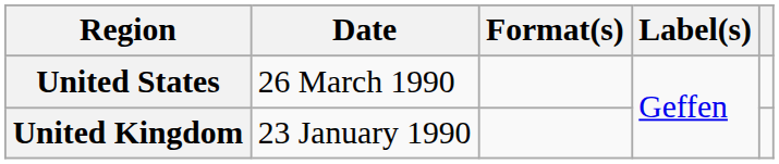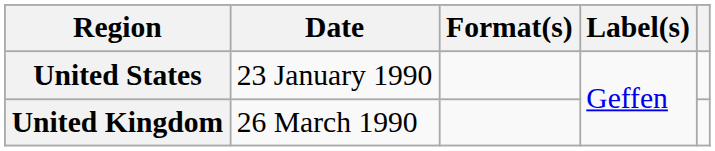 <table class="wikitable plainrowheaders">
 <tr>
 <th scope="col">Region</th>
 <th scope="col">Date</th>
 <th scope="col">Format(s)</th>
 <th scope="col">Label(s)</th>
 <th scope="col"></th>
 </tr>
 <tr>
 <th scope="row">United States</th>
-<td>26 March 1990</td>
+<td>23 January 1990</td>
 <td></td>
 <td rowspan="2"><a href='#'>Geffen</a></td>
 <td></td>
 </tr>
 <tr>
 <th scope="row">United Kingdom</th>
-<td>23 January 1990</td>
+<td>26 March 1990</td>
 <td></td>
 <td></td>
 </tr>
 </table>
